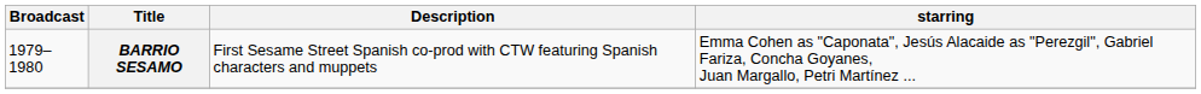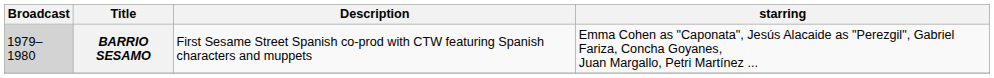 <table class="wikitable plainrowheaders sortable">
 <tr>
 <th scope="col">Broadcast</th>
 <th scope="col">Title</th>
 <th scope="col">Description</th>
 <th class="unsortable">starring</th>
 </tr>
 <tr>
-<td>1979–1980</td>
+<td style="background: lightgrey;">1979–1980</td>
 <th scope="row"><em>BARRIO SESAMO</em></th>
 <td>First Sesame Street Spanish co-prod with CTW featuring Spanish characters and muppets</td>
 <td>Emma Cohen as "Caponata", Jesús Alacaide as "Perezgil", Gabriel Fariza, Concha Goyanes,<br>Juan Margallo, Petri Martínez ...</td>
 </tr>
 <tr>
 </tr>
 </table>
